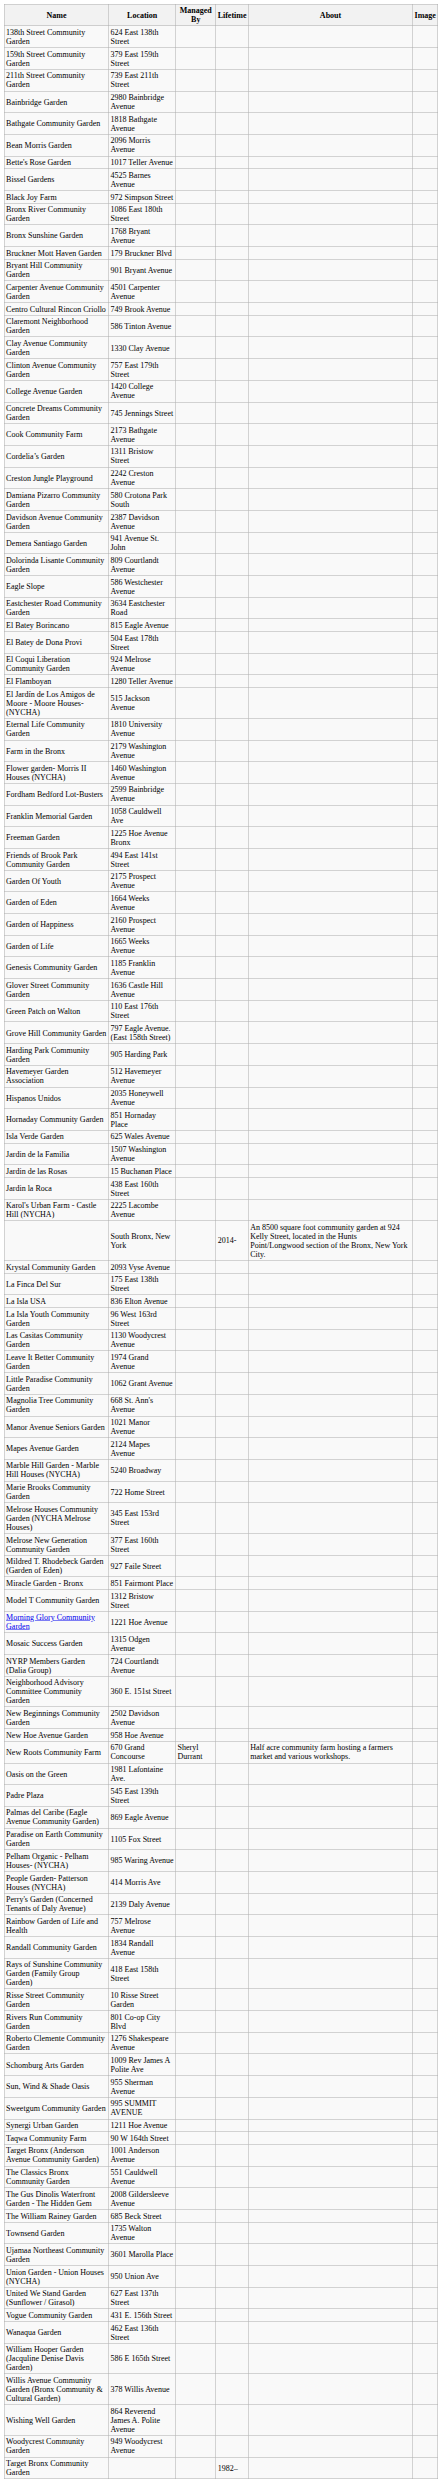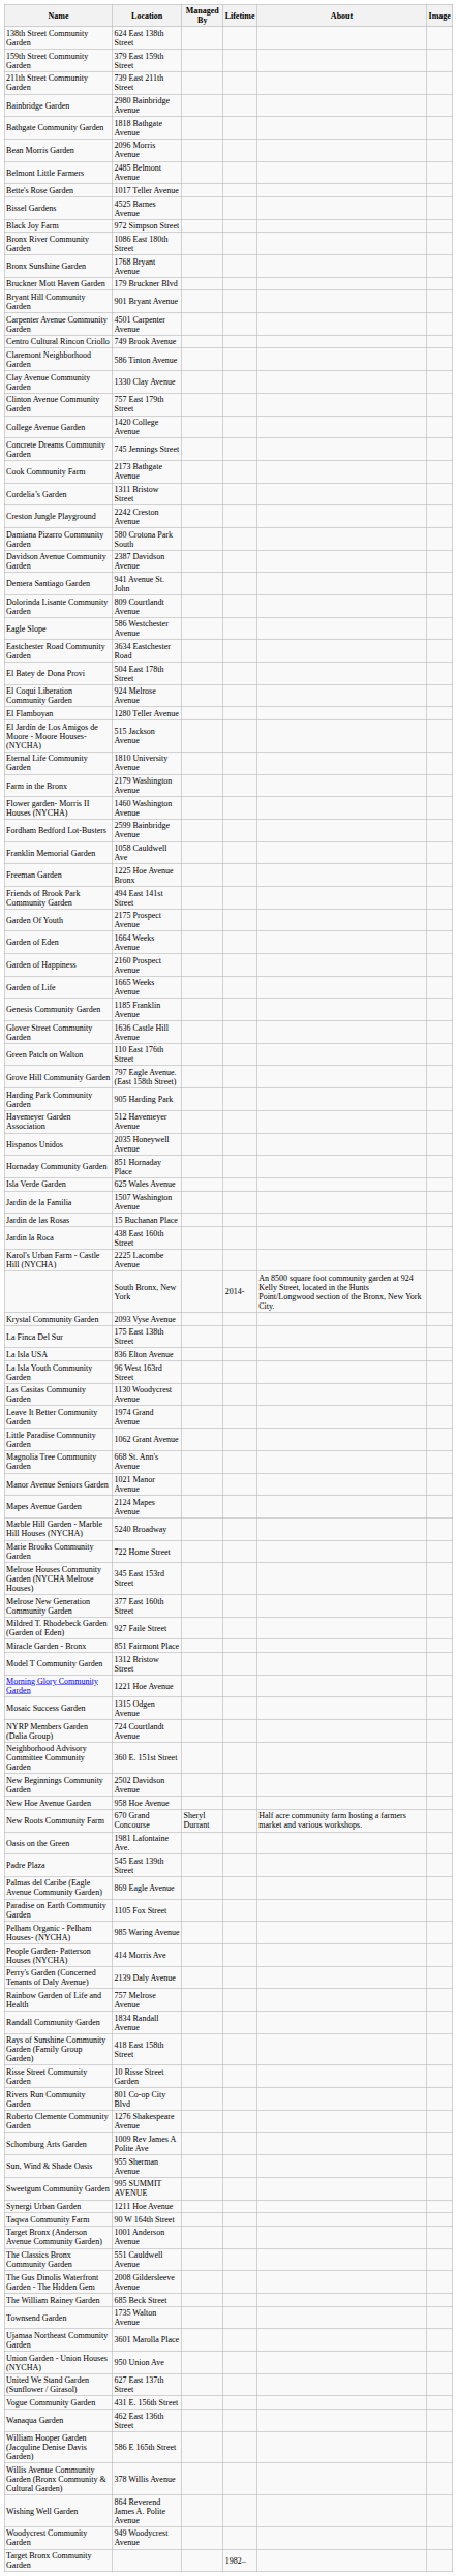 <table class="wikitable">
 <tr>
 <th>Name</th>
 <th>Location</th>
 <th>Managed By</th>
 <th>Lifetime</th>
 <th>About</th>
 <th>Image</th>
 </tr>
 <tr>
 <td>138th Street Community Garden</td>
 <td>624 East 138th Street</td>
 <td></td>
 <td></td>
 <td></td>
 <td></td>
 </tr>
 <tr>
 <td>159th Street Community Garden</td>
 <td>379 East 159th Street</td>
 <td></td>
 <td></td>
 <td></td>
 <td></td>
 </tr>
 <tr>
 <td>211th Street Community Garden</td>
 <td>739 East 211th Street</td>
 <td></td>
 <td></td>
 <td></td>
 <td></td>
 </tr>
 <tr>
 <td>Bainbridge Garden</td>
 <td>2980 Bainbridge Avenue</td>
 <td></td>
 <td></td>
 <td></td>
 <td></td>
 </tr>
 <tr>
 <td>Bathgate Community Garden</td>
 <td>1818 Bathgate Avenue</td>
 <td></td>
 <td></td>
 <td></td>
 <td></td>
 </tr>
 <tr>
 <td>Bean Morris Garden</td>
 <td>2096 Morris Avenue</td>
+<td></td>
+<td></td>
+<td></td>
+<td></td>
+</tr>
+<tr>
+<td>Belmont Little Farmers</td>
+<td>2485 Belmont Avenue</td>
 <td></td>
 <td></td>
 <td></td>
 <td></td>
 </tr>
 <tr>
 <td>Bette's Rose Garden</td>
 <td>1017 Teller Avenue</td>
 <td></td>
 <td></td>
 <td></td>
 <td></td>
 </tr>
 <tr>
 <td>Bissel Gardens</td>
 <td>4525 Barnes Avenue</td>
 <td></td>
 <td></td>
 <td></td>
 <td></td>
 </tr>
 <tr>
 <td>Black Joy Farm</td>
 <td>972 Simpson Street</td>
 <td></td>
 <td></td>
 <td></td>
 <td></td>
 </tr>
 <tr>
 <td>Bronx River Community Garden</td>
 <td>1086 East 180th Street</td>
 <td></td>
 <td></td>
 <td></td>
 <td></td>
 </tr>
 <tr>
 <td>Bronx Sunshine Garden</td>
 <td>1768 Bryant Avenue</td>
 <td></td>
 <td></td>
 <td></td>
 <td></td>
 </tr>
 <tr>
 <td>Bruckner Mott Haven Garden</td>
 <td>179 Bruckner Blvd</td>
 <td></td>
 <td></td>
 <td></td>
 <td></td>
 </tr>
 <tr>
 <td>Bryant Hill Community Garden</td>
 <td>901 Bryant Avenue</td>
 <td></td>
 <td></td>
 <td></td>
 <td></td>
 </tr>
 <tr>
 <td>Carpenter Avenue Community Garden</td>
 <td>4501 Carpenter Avenue</td>
 <td></td>
 <td></td>
 <td></td>
 <td></td>
 </tr>
 <tr>
 <td>Centro Cultural Rincon Criollo</td>
 <td>749 Brook Avenue</td>
 <td></td>
 <td></td>
 <td></td>
 <td></td>
 </tr>
 <tr>
 <td>Claremont Neighborhood Garden</td>
 <td>586 Tinton Avenue</td>
 <td></td>
 <td></td>
 <td></td>
 <td></td>
 </tr>
 <tr>
 <td>Clay Avenue Community Garden</td>
 <td>1330 Clay Avenue</td>
 <td></td>
 <td></td>
 <td></td>
 <td></td>
 </tr>
 <tr>
 <td>Clinton Avenue Community Garden</td>
 <td>757 East 179th Street</td>
 <td></td>
 <td></td>
 <td></td>
 <td></td>
 </tr>
 <tr>
 <td>College Avenue Garden</td>
 <td>1420 College Avenue</td>
 <td></td>
 <td></td>
 <td></td>
 <td></td>
 </tr>
 <tr>
 <td>Concrete Dreams Community Garden</td>
 <td>745 Jennings Street</td>
 <td></td>
 <td></td>
 <td></td>
 <td></td>
 </tr>
 <tr>
 <td>Cook Community Farm</td>
 <td>2173 Bathgate Avenue</td>
 <td></td>
 <td></td>
 <td></td>
 <td></td>
 </tr>
 <tr>
 <td>Cordelia’s Garden</td>
 <td>1311 Bristow Street</td>
 <td></td>
 <td></td>
 <td></td>
 <td></td>
 </tr>
 <tr>
 <td>Creston Jungle Playground</td>
 <td>2242 Creston Avenue</td>
 <td></td>
 <td></td>
 <td></td>
 <td></td>
 </tr>
 <tr>
 <td>Damiana Pizarro Community Garden</td>
 <td>580 Crotona Park South</td>
 <td></td>
 <td></td>
 <td></td>
 <td></td>
 </tr>
 <tr>
 <td>Davidson Avenue Community Garden</td>
 <td>2387 Davidson Avenue</td>
 <td></td>
 <td></td>
 <td></td>
 <td></td>
 </tr>
 <tr>
 <td>Demera Santiago Garden</td>
 <td>941 Avenue St. John</td>
 <td></td>
 <td></td>
 <td></td>
 <td></td>
 </tr>
 <tr>
 <td>Dolorinda Lisante Community Garden</td>
 <td>809 Courtlandt Avenue</td>
 <td></td>
 <td></td>
 <td></td>
 <td></td>
 </tr>
 <tr>
 <td>Eagle Slope</td>
 <td>586 Westchester Avenue</td>
 <td></td>
 <td></td>
 <td></td>
 <td></td>
 </tr>
 <tr>
 <td>Eastchester Road Community Garden</td>
 <td>3634 Eastchester Road</td>
-<td></td>
-<td></td>
-<td></td>
-<td></td>
-</tr>
-<tr>
-<td>El Batey Borincano</td>
-<td>815 Eagle Avenue</td>
 <td></td>
 <td></td>
 <td></td>
 <td></td>
 </tr>
 <tr>
 <td>El Batey de Dona Provi</td>
 <td>504 East 178th Street</td>
 <td></td>
 <td></td>
 <td></td>
 <td></td>
 </tr>
 <tr>
 <td>El Coqui Liberation Community Garden</td>
 <td>924 Melrose Avenue</td>
 <td></td>
 <td></td>
 <td></td>
 <td></td>
 </tr>
 <tr>
 <td>El Flamboyan</td>
 <td>1280 Teller Avenue</td>
 <td></td>
 <td></td>
 <td></td>
 <td></td>
 </tr>
 <tr>
 <td>El Jardín de Los Amigos de Moore - Moore Houses- (NYCHA)</td>
 <td>515 Jackson Avenue</td>
 <td></td>
 <td></td>
 <td></td>
 <td></td>
 </tr>
 <tr>
 <td>Eternal Life Community Garden</td>
 <td>1810 University Avenue</td>
 <td></td>
 <td></td>
 <td></td>
 <td></td>
 </tr>
 <tr>
 <td>Farm in the Bronx</td>
 <td>2179 Washington Avenue</td>
 <td></td>
 <td></td>
 <td></td>
 <td></td>
 </tr>
 <tr>
 <td>Flower garden- Morris II Houses (NYCHA)</td>
 <td>1460 Washington Avenue</td>
 <td></td>
 <td></td>
 <td></td>
 <td></td>
 </tr>
 <tr>
 <td>Fordham Bedford Lot-Busters</td>
 <td>2599 Bainbridge Avenue</td>
 <td></td>
 <td></td>
 <td></td>
 <td></td>
 </tr>
 <tr>
 <td>Franklin Memorial Garden</td>
 <td>1058 Cauldwell Ave</td>
 <td></td>
 <td></td>
 <td></td>
 <td></td>
 </tr>
 <tr>
 <td>Freeman Garden</td>
 <td>1225 Hoe Avenue Bronx</td>
 <td></td>
 <td></td>
 <td></td>
 <td></td>
 </tr>
 <tr>
 <td>Friends of Brook Park Community Garden</td>
 <td>494 East 141st Street</td>
 <td></td>
 <td></td>
 <td></td>
 <td></td>
 </tr>
 <tr>
 <td>Garden Of Youth</td>
 <td>2175 Prospect Avenue</td>
 <td></td>
 <td></td>
 <td></td>
 <td></td>
 </tr>
 <tr>
 <td>Garden of Eden</td>
 <td>1664 Weeks Avenue</td>
 <td></td>
 <td></td>
 <td></td>
 <td></td>
 </tr>
 <tr>
 <td>Garden of Happiness</td>
 <td>2160 Prospect Avenue</td>
 <td></td>
 <td></td>
 <td></td>
 <td></td>
 </tr>
 <tr>
 <td>Garden of Life</td>
 <td>1665 Weeks Avenue</td>
 <td></td>
 <td></td>
 <td></td>
 <td></td>
 </tr>
 <tr>
 <td>Genesis Community Garden</td>
 <td>1185 Franklin Avenue</td>
 <td></td>
 <td></td>
 <td></td>
 <td></td>
 </tr>
 <tr>
 <td>Glover Street Community Garden</td>
 <td>1636 Castle Hill Avenue</td>
 <td></td>
 <td></td>
 <td></td>
 <td></td>
 </tr>
 <tr>
 <td>Green Patch on Walton</td>
 <td>110 East 176th Street</td>
 <td></td>
 <td></td>
 <td></td>
 <td></td>
 </tr>
 <tr>
 <td>Grove Hill Community Garden</td>
 <td>797 Eagle Avenue. (East 158th Street)</td>
 <td></td>
 <td></td>
 <td></td>
 <td></td>
 </tr>
 <tr>
 <td>Harding Park Community Garden</td>
 <td>905 Harding Park</td>
 <td></td>
 <td></td>
 <td></td>
 <td></td>
 </tr>
 <tr>
 <td>Havemeyer Garden Association</td>
 <td>512 Havemeyer Avenue</td>
 <td></td>
 <td></td>
 <td></td>
 <td></td>
 </tr>
 <tr>
 <td>Hispanos Unidos</td>
 <td>2035 Honeywell Avenue</td>
 <td></td>
 <td></td>
 <td></td>
 <td></td>
 </tr>
 <tr>
 <td>Hornaday Community Garden</td>
 <td>851 Hornaday Place</td>
 <td></td>
 <td></td>
 <td></td>
 <td></td>
 </tr>
 <tr>
 <td>Isla Verde Garden</td>
 <td>625 Wales Avenue</td>
 <td></td>
 <td></td>
 <td></td>
 <td></td>
 </tr>
 <tr>
 <td>Jardin de la Familia</td>
 <td>1507 Washington Avenue</td>
 <td></td>
 <td></td>
 <td></td>
 <td></td>
 </tr>
 <tr>
 <td>Jardin de las Rosas</td>
 <td>15 Buchanan Place</td>
 <td></td>
 <td></td>
 <td></td>
 <td></td>
 </tr>
 <tr>
 <td>Jardin la Roca</td>
 <td>438 East 160th Street</td>
 <td></td>
 <td></td>
 <td></td>
 <td></td>
 </tr>
 <tr>
 <td>Karol's Urban Farm - Castle Hill (NYCHA)</td>
 <td>2225 Lacombe Avenue</td>
 <td></td>
 <td></td>
 <td></td>
 <td></td>
 </tr>
 <tr>
 <td></td>
 <td>South Bronx, New York</td>
 <td></td>
 <td>2014-</td>
 <td>An 8500 square foot community garden at 924 Kelly Street, located in the Hunts Point/Longwood section of the Bronx, New York City.</td>
 <td></td>
 </tr>
 <tr>
 <td>Krystal Community Garden</td>
 <td>2093 Vyse Avenue</td>
 <td></td>
 <td></td>
 <td></td>
 <td></td>
 </tr>
 <tr>
 <td>La Finca Del Sur</td>
 <td>175 East 138th Street</td>
 <td></td>
 <td></td>
 <td></td>
 <td></td>
 </tr>
 <tr>
 <td>La Isla USA</td>
 <td>836 Elton Avenue</td>
 <td></td>
 <td></td>
 <td></td>
 <td></td>
 </tr>
 <tr>
 <td>La Isla Youth Community Garden</td>
 <td>96 West 163rd Street</td>
 <td></td>
 <td></td>
 <td></td>
 <td></td>
 </tr>
 <tr>
 <td>Las Casitas Community Garden</td>
 <td>1130 Woodycrest Avenue</td>
 <td></td>
 <td></td>
 <td></td>
 <td></td>
 </tr>
 <tr>
 <td>Leave It Better Community Garden</td>
 <td>1974 Grand Avenue</td>
 <td></td>
 <td></td>
 <td></td>
 <td></td>
 </tr>
 <tr>
 <td>Little Paradise Community Garden</td>
 <td>1062 Grant Avenue</td>
 <td></td>
 <td></td>
 <td></td>
 <td></td>
 </tr>
 <tr>
 <td>Magnolia Tree Community Garden</td>
 <td>668 St. Ann's Avenue</td>
 <td></td>
 <td></td>
 <td></td>
 <td></td>
 </tr>
 <tr>
 <td>Manor Avenue Seniors Garden</td>
 <td>1021 Manor Avenue</td>
 <td></td>
 <td></td>
 <td></td>
 <td></td>
 </tr>
 <tr>
 <td>Mapes Avenue Garden</td>
 <td>2124 Mapes Avenue</td>
 <td></td>
 <td></td>
 <td></td>
 <td></td>
 </tr>
 <tr>
 <td>Marble Hill Garden - Marble Hill Houses (NYCHA)</td>
 <td>5240 Broadway</td>
 <td></td>
 <td></td>
 <td></td>
 <td></td>
 </tr>
 <tr>
 <td>Marie Brooks Community Garden</td>
 <td>722 Home Street</td>
 <td></td>
 <td></td>
 <td></td>
 <td></td>
 </tr>
 <tr>
 <td>Melrose Houses Community Garden (NYCHA Melrose Houses)</td>
 <td>345 East 153rd Street</td>
 <td></td>
 <td></td>
 <td></td>
 <td></td>
 </tr>
 <tr>
 <td>Melrose New Generation Community Garden</td>
 <td>377 East 160th Street</td>
 <td></td>
 <td></td>
 <td></td>
 <td></td>
 </tr>
 <tr>
 <td>Mildred T. Rhodebeck Garden (Garden of Eden)</td>
 <td>927 Faile Street</td>
 <td></td>
 <td></td>
 <td></td>
 <td></td>
 </tr>
 <tr>
 <td>Miracle Garden - Bronx</td>
 <td>851 Fairmont Place</td>
 <td></td>
 <td></td>
 <td></td>
 <td></td>
 </tr>
 <tr>
 <td>Model T Community Garden</td>
 <td>1312 Bristow Street</td>
 <td></td>
 <td></td>
 <td></td>
 <td></td>
 </tr>
 <tr>
 <td><a href='#'>Morning Glory Community Garden</a></td>
 <td>1221 Hoe Avenue</td>
 <td></td>
 <td></td>
 <td></td>
 <td></td>
 </tr>
 <tr>
 <td>Mosaic Success Garden</td>
 <td>1315 Odgen Avenue</td>
 <td></td>
 <td></td>
 <td></td>
 <td></td>
 </tr>
 <tr>
 <td>NYRP Members Garden (Dalia Group)</td>
 <td>724 Courtlandt Avenue</td>
 <td></td>
 <td></td>
 <td></td>
 <td></td>
 </tr>
 <tr>
 <td>Neighborhood Advisory Committee Community Garden</td>
 <td>360 E. 151st Street</td>
 <td></td>
 <td></td>
 <td></td>
 <td></td>
 </tr>
 <tr>
 <td>New Beginnings Community Garden</td>
 <td>2502 Davidson Avenue</td>
 <td></td>
 <td></td>
 <td></td>
 <td></td>
 </tr>
 <tr>
 <td>New Hoe Avenue Garden</td>
 <td>958 Hoe Avenue</td>
 <td></td>
 <td></td>
 <td></td>
 <td></td>
 </tr>
 <tr>
 <td>New Roots Community Farm</td>
 <td>670 Grand Concourse</td>
 <td>Sheryl Durrant</td>
 <td></td>
 <td>Half acre community farm hosting a farmers market and various workshops.<br></td>
 <td></td>
 </tr>
 <tr>
 <td>Oasis on the Green</td>
 <td>1981 Lafontaine Ave.</td>
 <td></td>
 <td></td>
 <td></td>
 <td></td>
 </tr>
 <tr>
 <td>Padre Plaza</td>
 <td>545 East 139th Street</td>
 <td></td>
 <td></td>
 <td></td>
 <td></td>
 </tr>
 <tr>
 <td>Palmas del Caribe (Eagle Avenue Community Garden)</td>
 <td>869 Eagle Avenue</td>
 <td></td>
 <td></td>
 <td></td>
 <td></td>
 </tr>
 <tr>
 <td>Paradise on Earth Community Garden</td>
 <td>1105 Fox Street</td>
 <td></td>
 <td></td>
 <td></td>
 <td></td>
 </tr>
 <tr>
 <td>Pelham Organic - Pelham Houses- (NYCHA)</td>
 <td>985 Waring Avenue</td>
 <td></td>
 <td></td>
 <td></td>
 <td></td>
 </tr>
 <tr>
 <td>People Garden- Patterson Houses (NYCHA)</td>
 <td>414 Morris Ave</td>
 <td></td>
 <td></td>
 <td></td>
 <td></td>
 </tr>
 <tr>
 <td>Perry's Garden (Concerned Tenants of Daly Avenue)</td>
 <td>2139 Daly Avenue</td>
 <td></td>
 <td></td>
 <td></td>
 <td></td>
 </tr>
 <tr>
 <td>Rainbow Garden of Life and Health</td>
 <td>757 Melrose Avenue</td>
 <td></td>
 <td></td>
 <td></td>
 <td></td>
 </tr>
 <tr>
 <td>Randall Community Garden</td>
 <td>1834 Randall Avenue</td>
 <td></td>
 <td></td>
 <td></td>
 <td></td>
 </tr>
 <tr>
 <td>Rays of Sunshine Community Garden (Family Group Garden)</td>
 <td>418 East 158th Street</td>
 <td></td>
 <td></td>
 <td></td>
 <td></td>
 </tr>
 <tr>
 <td>Risse Street Community Garden</td>
 <td>10 Risse Street Garden</td>
 <td></td>
 <td></td>
 <td></td>
 <td></td>
 </tr>
 <tr>
 <td>Rivers Run Community Garden</td>
 <td>801 Co-op City Blvd</td>
 <td></td>
 <td></td>
 <td></td>
 <td></td>
 </tr>
 <tr>
 <td>Roberto Clemente Community Garden</td>
 <td>1276 Shakespeare Avenue</td>
 <td></td>
 <td></td>
 <td></td>
 <td></td>
 </tr>
 <tr>
 <td>Schomburg Arts Garden</td>
 <td>1009 Rev James A Polite Ave</td>
 <td></td>
 <td></td>
 <td></td>
 <td></td>
 </tr>
 <tr>
 <td>Sun, Wind & Shade Oasis</td>
 <td>955 Sherman Avenue</td>
 <td></td>
 <td></td>
 <td></td>
 <td></td>
 </tr>
 <tr>
 <td>Sweetgum Community Garden</td>
 <td>995 SUMMIT AVENUE</td>
 <td></td>
 <td></td>
 <td></td>
 <td></td>
 </tr>
 <tr>
 <td>Synergi Urban Garden</td>
 <td>1211 Hoe Avenue</td>
 <td></td>
 <td></td>
 <td></td>
 <td></td>
 </tr>
 <tr>
 <td>Taqwa Community Farm</td>
 <td>90 W 164th Street</td>
 <td></td>
 <td></td>
 <td></td>
 <td></td>
 </tr>
 <tr>
 <td>Target Bronx (Anderson Avenue Community Garden)</td>
 <td>1001 Anderson Avenue</td>
 <td></td>
 <td></td>
 <td></td>
 <td></td>
 </tr>
 <tr>
 <td>The Classics Bronx Community Garden</td>
 <td>551 Cauldwell Avenue</td>
 <td></td>
 <td></td>
 <td></td>
 <td></td>
 </tr>
 <tr>
 <td>The Gus Dinolis Waterfront Garden - The Hidden Gem</td>
 <td>2008 Gildersleeve Avenue</td>
 <td></td>
 <td></td>
 <td></td>
 <td></td>
 </tr>
 <tr>
 <td>The William Rainey Garden</td>
 <td>685 Beck Street</td>
 <td></td>
 <td></td>
 <td></td>
 <td></td>
 </tr>
 <tr>
 <td>Townsend Garden</td>
 <td>1735 Walton Avenue</td>
 <td></td>
 <td></td>
 <td></td>
 <td></td>
 </tr>
 <tr>
 <td>Ujamaa Northeast Community Garden</td>
 <td>3601 Marolla Place</td>
 <td></td>
 <td></td>
 <td></td>
 <td></td>
 </tr>
 <tr>
 <td>Union Garden - Union Houses (NYCHA)</td>
 <td>950 Union Ave</td>
 <td></td>
 <td></td>
 <td></td>
 <td></td>
 </tr>
 <tr>
 <td>United We Stand Garden (Sunflower / Girasol)</td>
 <td>627 East 137th Street</td>
 <td></td>
 <td></td>
 <td></td>
 <td></td>
 </tr>
 <tr>
 <td>Vogue Community Garden</td>
 <td>431 E. 156th Street</td>
 <td></td>
 <td></td>
 <td></td>
 <td></td>
 </tr>
 <tr>
 <td>Wanaqua Garden</td>
 <td>462 East 136th Street</td>
 <td></td>
 <td></td>
 <td></td>
 <td></td>
 </tr>
 <tr>
 <td>William Hooper Garden (Jacquline Denise Davis Garden)</td>
 <td>586 E 165th Street</td>
 <td></td>
 <td></td>
 <td></td>
 <td></td>
 </tr>
 <tr>
 <td>Willis Avenue Community Garden (Bronx Community & Cultural Garden)</td>
 <td>378 Willis Avenue</td>
 <td></td>
 <td></td>
 <td></td>
 <td></td>
 </tr>
 <tr>
 <td>Wishing Well Garden</td>
 <td>864 Reverend James A. Polite Avenue</td>
 <td></td>
 <td></td>
 <td></td>
 <td></td>
 </tr>
 <tr>
 <td>Woodycrest Community Garden</td>
 <td>949 Woodycrest Avenue</td>
 <td></td>
 <td></td>
 <td></td>
 <td></td>
 </tr>
 <tr>
 <td>Target Bronx Community Garden</td>
 <td></td>
 <td></td>
 <td>1982–</td>
 <td></td>
 <td></td>
 </tr>
 </table>
